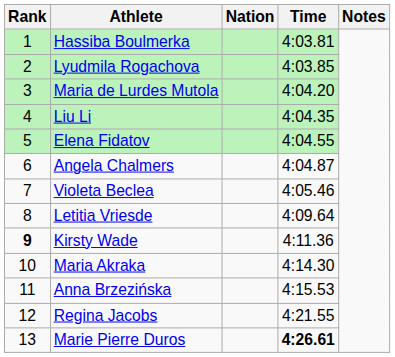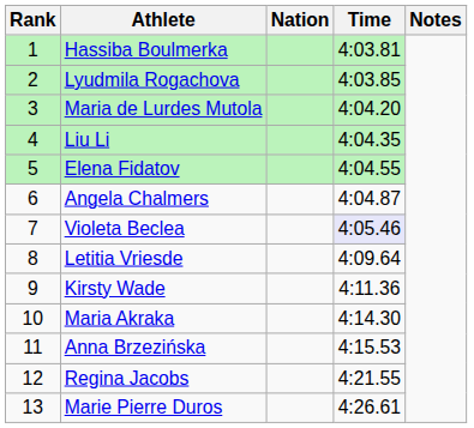 <table class="wikitable sortable" style="text-align:center">
 <tr>
 <th>Rank</th>
 <th>Athlete</th>
 <th>Nation</th>
 <th>Time</th>
 <th>Notes</th>
 </tr>
 <tr style="background:#bbf3bb;">
 <td>1</td>
 <td align=left><a href='#'>Hassiba Boulmerka</a></td>
 <td align=left></td>
 <td>4:03.81</td>
 </tr>
 <tr style="background:#bbf3bb;">
 <td>2</td>
 <td align=left><a href='#'>Lyudmila Rogachova</a></td>
 <td align=left></td>
 <td>4:03.85</td>
 </tr>
 <tr style="background:#bbf3bb;">
 <td>3</td>
 <td align=left><a href='#'>Maria de Lurdes Mutola</a></td>
 <td align=left></td>
 <td>4:04.20</td>
 </tr>
 <tr style="background:#bbf3bb;">
 <td>4</td>
 <td align=left><a href='#'>Liu Li</a></td>
 <td align=left></td>
 <td>4:04.35</td>
 </tr>
 <tr style="background:#bbf3bb;">
 <td>5</td>
 <td align=left><a href='#'>Elena Fidatov</a></td>
 <td align=left></td>
 <td>4:04.55</td>
 </tr>
 <tr>
 <td>6</td>
 <td align=left><a href='#'>Angela Chalmers</a></td>
 <td align=left></td>
 <td>4:04.87</td>
 </tr>
 <tr>
 <td>7</td>
 <td align=left><a href='#'>Violeta Beclea</a></td>
 <td align=left></td>
-<td>4:05.46</td>
+<td style="background: lavender;">4:05.46</td>
 </tr>
 <tr>
 <td>8</td>
 <td align=left><a href='#'>Letitia Vriesde</a></td>
 <td align=left></td>
 <td>4:09.64</td>
 </tr>
 <tr>
-<td><strong>9</strong></td>
+<td>9</td>
 <td align=left><a href='#'>Kirsty Wade</a></td>
 <td align=left></td>
 <td>4:11.36</td>
 </tr>
 <tr>
 <td>10</td>
 <td align=left><a href='#'>Maria Akraka</a></td>
 <td align=left></td>
 <td>4:14.30</td>
 </tr>
 <tr>
 <td>11</td>
 <td align=left><a href='#'>Anna Brzezińska</a></td>
 <td align=left></td>
 <td>4:15.53</td>
 </tr>
 <tr>
 <td>12</td>
 <td align=left><a href='#'>Regina Jacobs</a></td>
 <td align=left></td>
 <td>4:21.55</td>
 </tr>
 <tr>
 <td>13</td>
 <td align=left><a href='#'>Marie Pierre Duros</a></td>
 <td align=left></td>
-<td><strong>4:26.61</strong></td>
+<td>4:26.61</td>
 </tr>
 </table>
